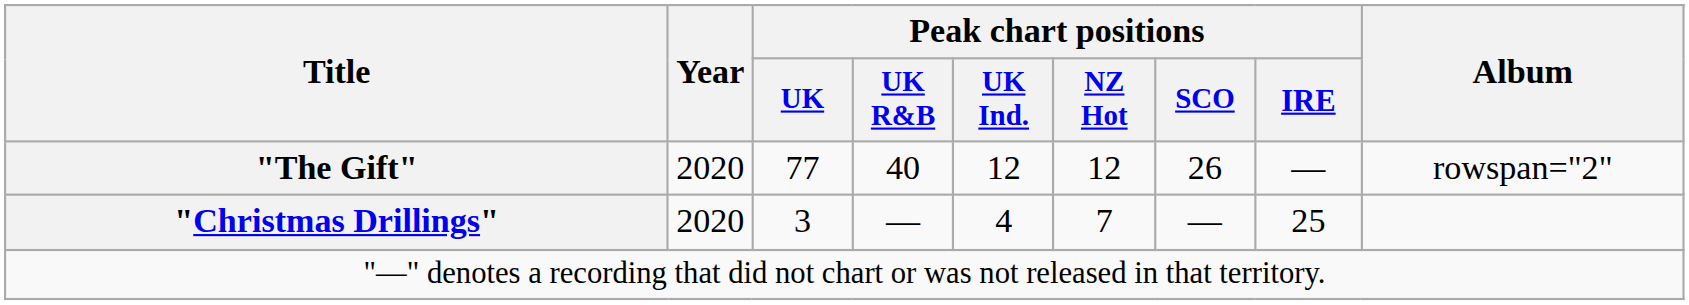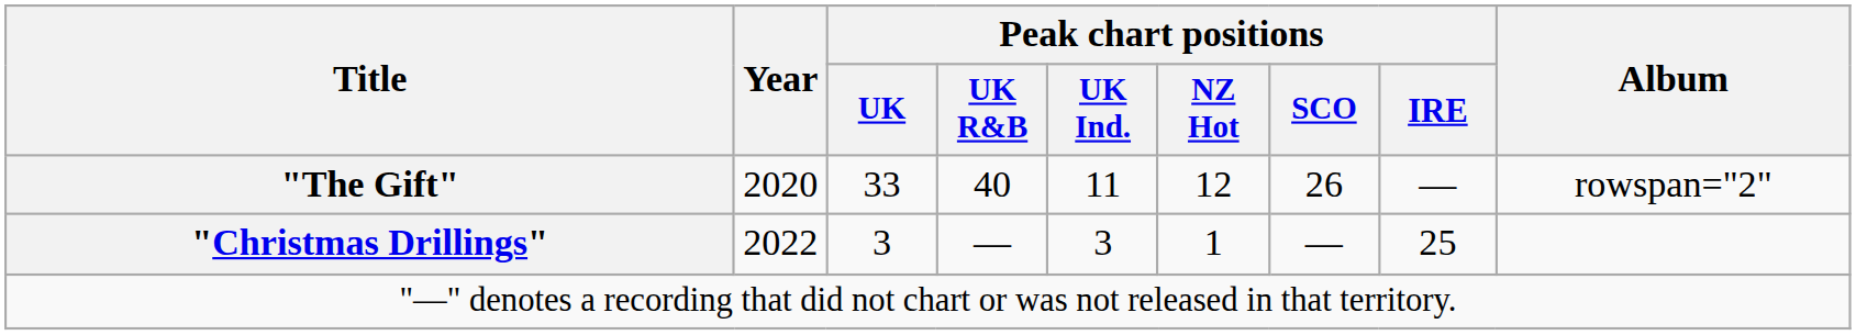 <table class="wikitable plainrowheaders" style="text-align:center;">
 <tr>
 <th scope="col" rowspan="2" style="width:19em;">Title</th>
 <th scope="col" rowspan="2" style="width:1em;">Year</th>
 <th scope="col" colspan="6">Peak chart positions</th>
 <th scope="col" rowspan="2" style="width:9em;">Album</th>
 </tr>
 <tr>
 <th scope="col" style="width:3em; font-size:85%;"><a href='#'>UK</a><br></th>
 <th scope="col" style="width:3em; font-size:85%;"><a href='#'>UK<br>R&B</a><br></th>
 <th scope="col" style="width:3em; font-size:85%;"><a href='#'>UK<br>Ind.</a><br></th>
 <th scope="col" style="width:3em; font-size:85%;"><a href='#'>NZ<br>Hot</a><br></th>
 <th scope="col" style="width:3em; font-size:85%;"><a href='#'>SCO</a><br></th>
 <th scope="col" style="width:3em;font-size:90%;"><a href='#'>IRE</a></th>
 </tr>
 <tr>
 <th scope="row">"The Gift"<br></th>
 <td>2020</td>
-<td>77</td>
+<td>33</td>
 <td>40</td>
-<td>12</td>
+<td>11</td>
 <td>12</td>
 <td>26</td>
 <td>—</td>
 <td>rowspan="2" </td>
 </tr>
 <tr>
 <th scope="row">"<a href='#'>Christmas Drillings</a>"<br></th>
-<td>2020</td>
+<td>2022</td>
 <td>3</td>
 <td>—</td>
-<td>4</td>
-<td>7</td>
+<td>3</td>
+<td>1</td>
 <td>—</td>
 <td>25</td>
 </tr>
 <tr>
 <td colspan="10" style="font-size:90%">"—" denotes a recording that did not chart or was not released in that territory.</td>
 </tr>
 </table>
